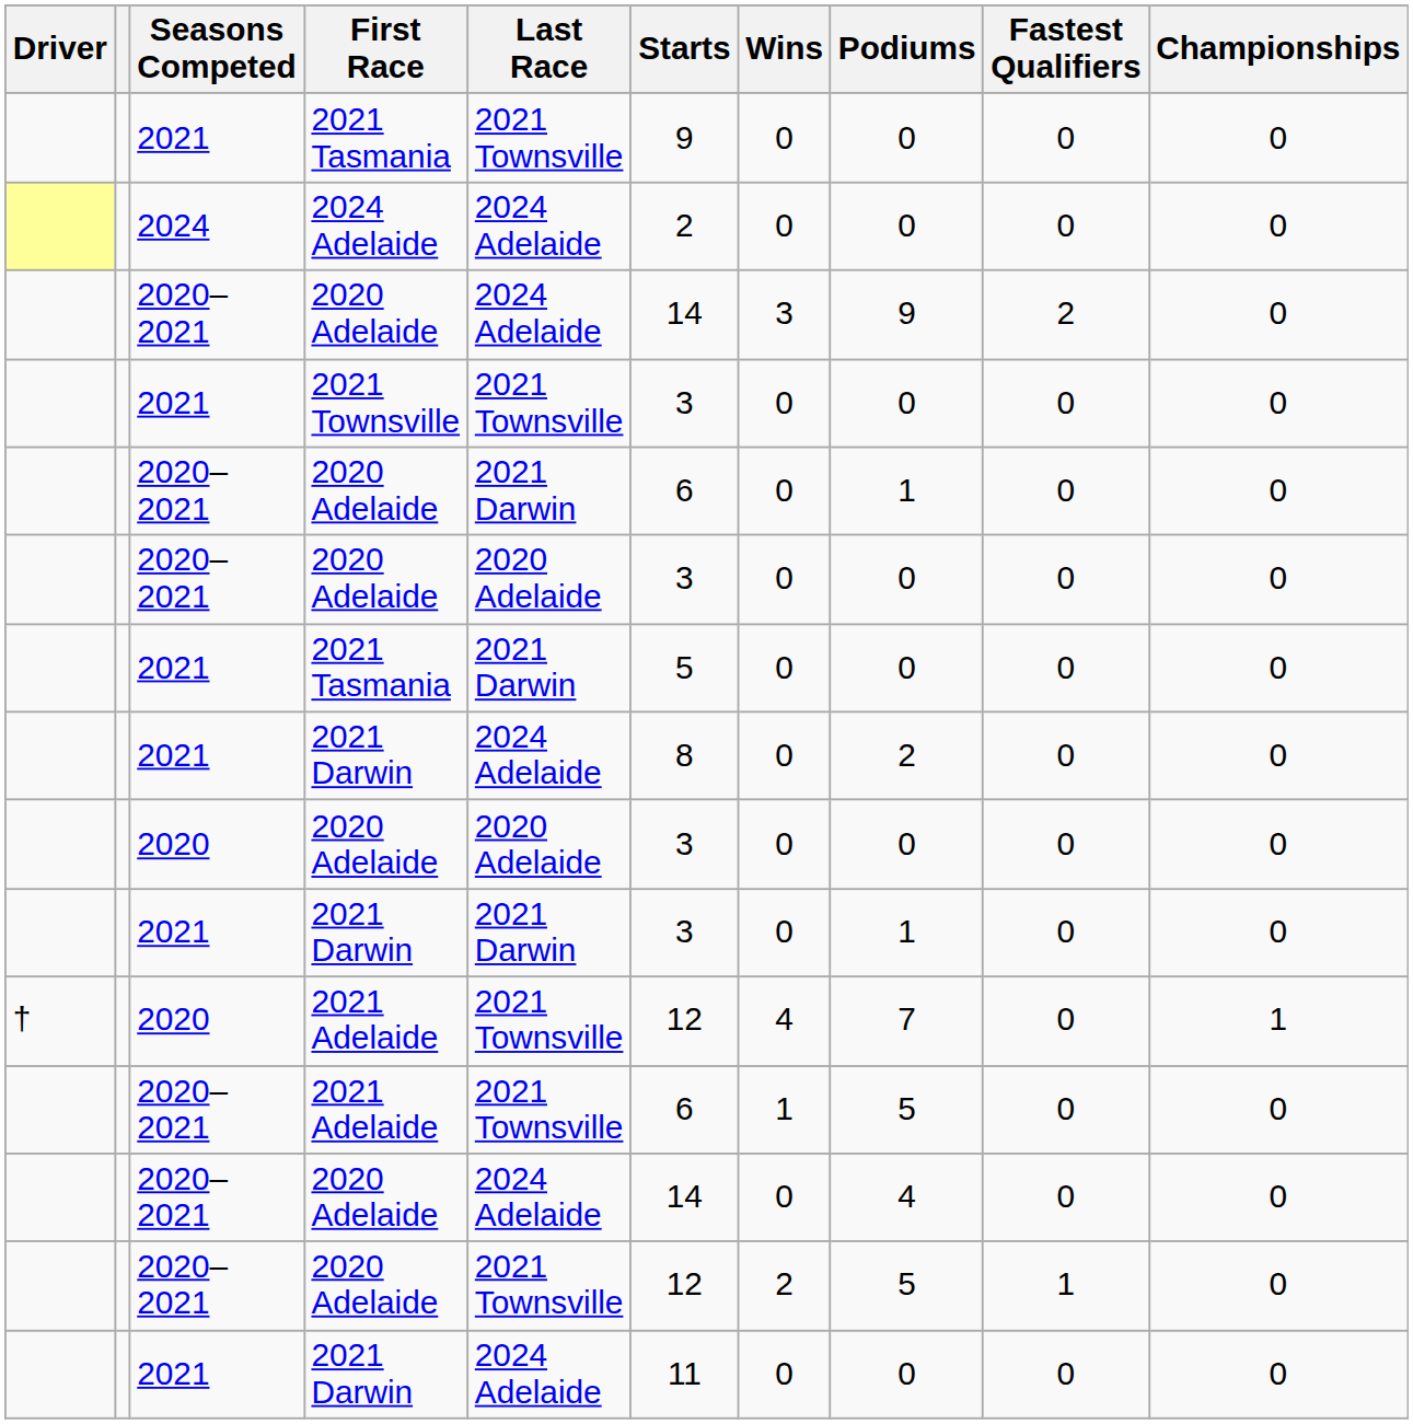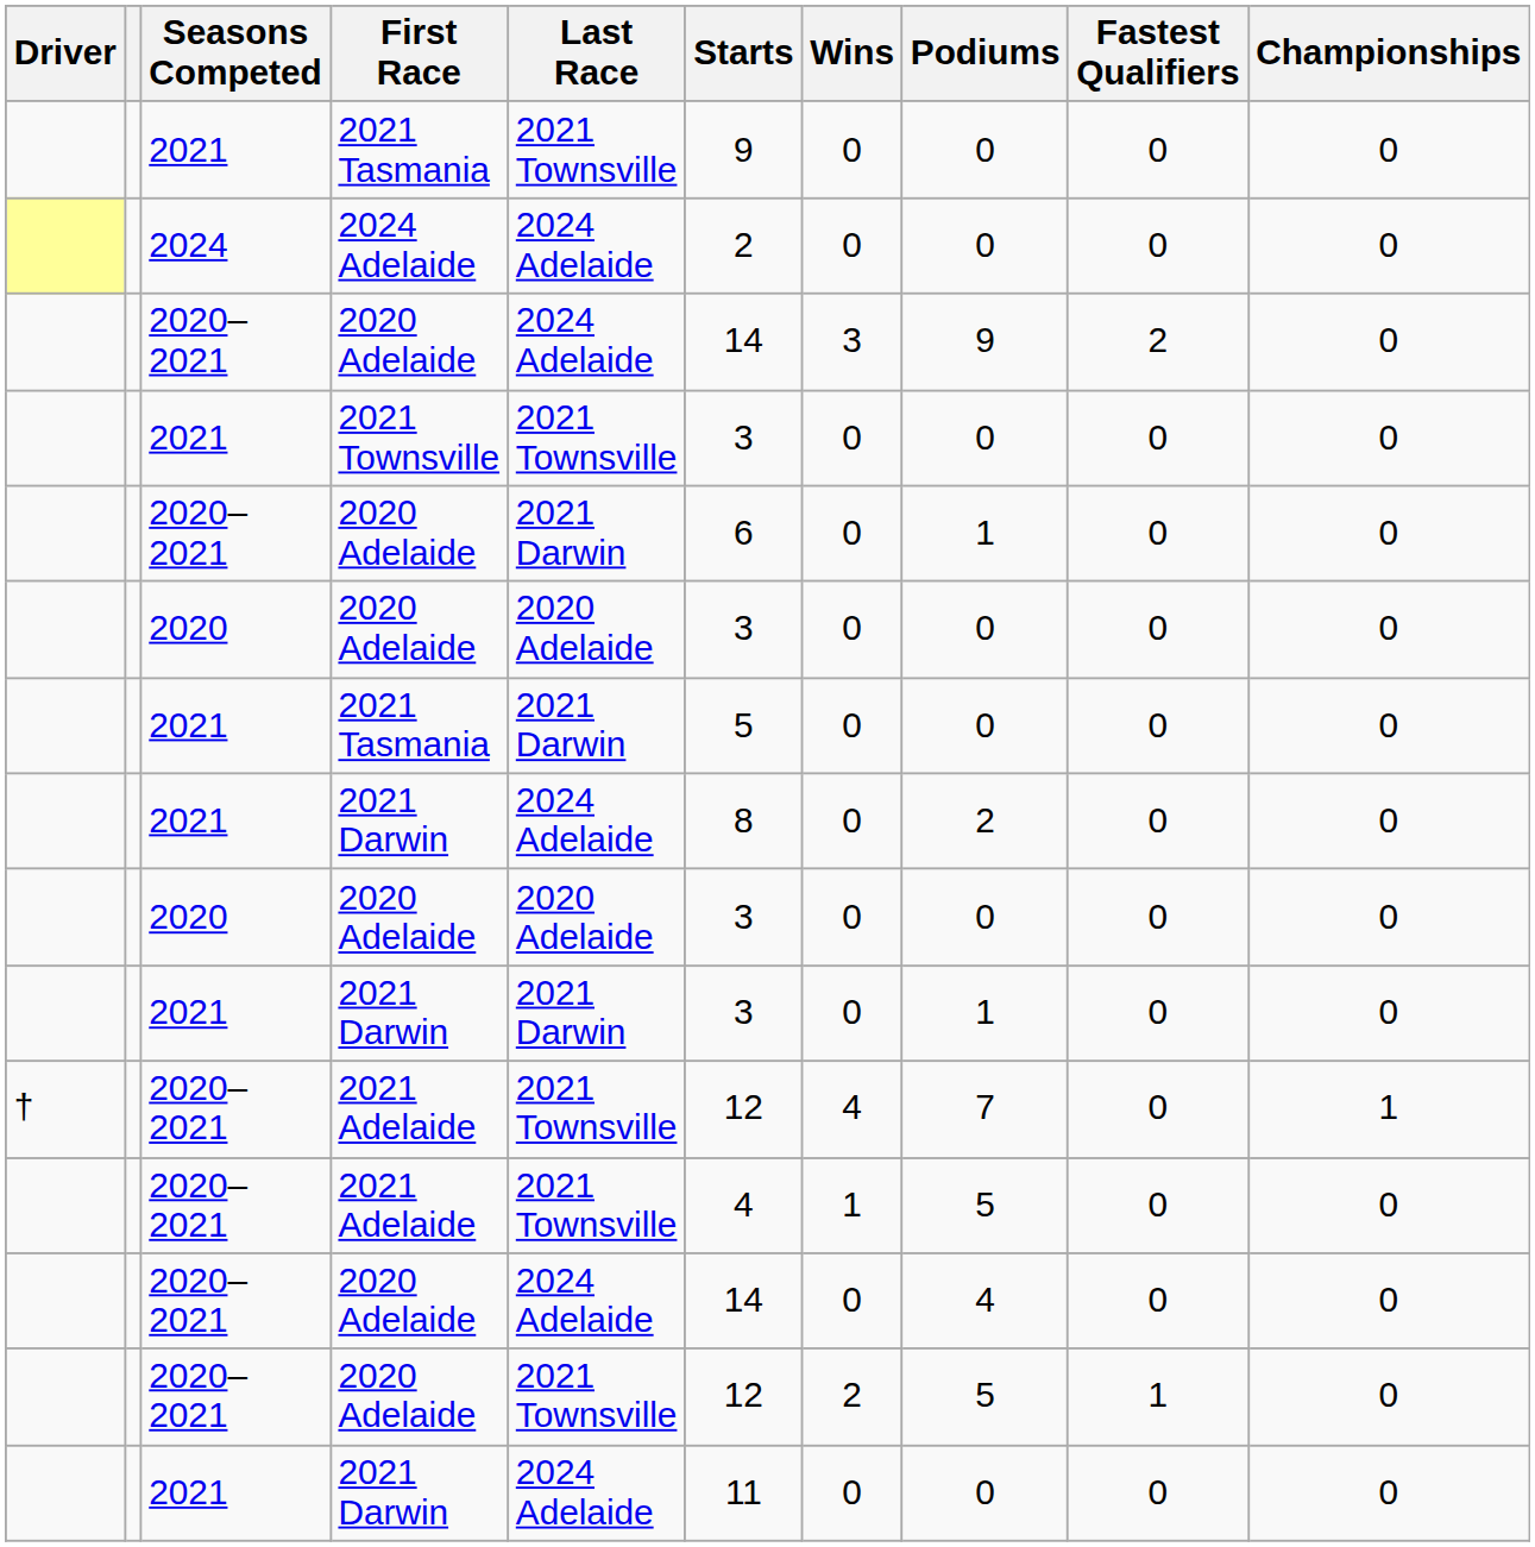 <table class="wikitable sortable" style="text-align:center;">
 <tr>
 <th scope=col>Driver</th>
 <th scope=col></th>
 <th scope=col>Seasons Competed</th>
 <th scope=col>First Race</th>
 <th scope=col>Last Race</th>
 <th scope=col>Starts</th>
 <th scope=col>Wins</th>
 <th scope=col>Podiums</th>
 <th scope=col>Fastest Qualifiers</th>
 <th scope=col>Championships</th>
 </tr>
 <tr>
 <td align=left></td>
 <td></td>
 <td align=left><a href='#'>2021</a></td>
 <td align=left><a href='#'>2021</a> <a href='#'>Tasmania</a></td>
 <td align=left><a href='#'>2021</a> <a href='#'>Townsville</a></td>
 <td>9</td>
 <td>0</td>
 <td>0</td>
 <td>0</td>
 <td>0</td>
 </tr>
 <tr>
 <td style="text-align:left; background:#ff9;"></td>
 <td></td>
 <td align=left><a href='#'>2024</a></td>
 <td align=left><a href='#'>2024</a> <a href='#'>Adelaide</a></td>
 <td align=left><a href='#'>2024</a> <a href='#'>Adelaide</a></td>
 <td>2</td>
 <td>0</td>
 <td>0</td>
 <td>0</td>
 <td>0</td>
 </tr>
 <tr>
 <td align=left></td>
 <td></td>
 <td align=left><a href='#'>2020</a>–<a href='#'>2021</a></td>
 <td align=left><a href='#'>2020</a> <a href='#'>Adelaide</a></td>
 <td align=left><a href='#'>2024</a> <a href='#'>Adelaide</a></td>
 <td>14</td>
 <td>3</td>
 <td>9</td>
 <td>2</td>
 <td>0</td>
 </tr>
 <tr>
 <td align=left></td>
 <td></td>
 <td align=left><a href='#'>2021</a></td>
 <td align=left><a href='#'>2021</a> <a href='#'>Townsville</a></td>
 <td align=left><a href='#'>2021</a> <a href='#'>Townsville</a></td>
 <td>3</td>
 <td>0</td>
 <td>0</td>
 <td>0</td>
 <td>0</td>
 </tr>
 <tr>
 <td align=left></td>
 <td></td>
 <td align=left><a href='#'>2020</a>–<a href='#'>2021</a></td>
 <td align=left><a href='#'>2020</a> <a href='#'>Adelaide</a></td>
 <td align=left><a href='#'>2021</a> <a href='#'>Darwin</a></td>
 <td>6</td>
 <td>0</td>
 <td>1</td>
 <td>0</td>
 <td>0</td>
 </tr>
 <tr>
 <td align=left></td>
 <td></td>
-<td align=left><a href='#'>2020</a>–<a href='#'>2021</a></td>
+<td align=left><a href='#'>2020</a></td>
 <td align=left><a href='#'>2020</a> <a href='#'>Adelaide</a></td>
 <td align=left><a href='#'>2020</a> <a href='#'>Adelaide</a></td>
 <td>3</td>
 <td>0</td>
 <td>0</td>
 <td>0</td>
 <td>0</td>
 </tr>
 <tr>
 <td align=left></td>
 <td></td>
 <td align=left><a href='#'>2021</a></td>
 <td align=left><a href='#'>2021</a> <a href='#'>Tasmania</a></td>
 <td align=left><a href='#'>2021</a> <a href='#'>Darwin</a></td>
 <td>5</td>
 <td>0</td>
 <td>0</td>
 <td>0</td>
 <td>0</td>
 </tr>
 <tr>
 <td align=left></td>
 <td></td>
 <td align=left><a href='#'>2021</a></td>
 <td align=left><a href='#'>2021</a> <a href='#'>Darwin</a></td>
 <td align=left><a href='#'>2024</a> <a href='#'>Adelaide</a></td>
 <td>8</td>
 <td>0</td>
 <td>2</td>
 <td>0</td>
 <td>0</td>
 </tr>
 <tr>
 <td align=left></td>
 <td></td>
 <td align=left><a href='#'>2020</a></td>
 <td align=left><a href='#'>2020</a> <a href='#'>Adelaide</a></td>
 <td align=left><a href='#'>2020</a> <a href='#'>Adelaide</a></td>
 <td>3</td>
 <td>0</td>
 <td>0</td>
 <td>0</td>
 <td>0</td>
 </tr>
 <tr>
 <td align=left></td>
 <td></td>
 <td align=left><a href='#'>2021</a></td>
 <td align=left><a href='#'>2021</a> <a href='#'>Darwin</a></td>
 <td align=left><a href='#'>2021</a> <a href='#'>Darwin</a></td>
 <td>3</td>
 <td>0</td>
 <td>1</td>
 <td>0</td>
 <td>0</td>
 </tr>
 <tr>
 <td align=left> †</td>
 <td></td>
-<td align=left><a href='#'>2020</a></td>
+<td align=left><a href='#'>2020</a>–<a href='#'>2021</a></td>
 <td align=left><a href='#'>2021</a> <a href='#'>Adelaide</a></td>
 <td align=left><a href='#'>2021</a> <a href='#'>Townsville</a></td>
 <td>12</td>
 <td>4</td>
 <td>7</td>
 <td>0</td>
 <td>1</td>
 </tr>
 <tr>
 <td align=left></td>
 <td></td>
 <td align=left><a href='#'>2020</a>–<a href='#'>2021</a></td>
 <td align=left><a href='#'>2021</a> <a href='#'>Adelaide</a></td>
 <td align=left><a href='#'>2021</a> <a href='#'>Townsville</a></td>
-<td>6</td>
+<td>4</td>
 <td>1</td>
 <td>5</td>
 <td>0</td>
 <td>0</td>
 </tr>
 <tr>
 <td align=left></td>
 <td></td>
 <td align=left><a href='#'>2020</a>–<a href='#'>2021</a></td>
 <td align=left><a href='#'>2020</a> <a href='#'>Adelaide</a></td>
 <td align=left><a href='#'>2024</a> <a href='#'>Adelaide</a></td>
 <td>14</td>
 <td>0</td>
 <td>4</td>
 <td>0</td>
 <td>0</td>
 </tr>
 <tr>
 <td align=left></td>
 <td></td>
 <td align=left><a href='#'>2020</a>–<a href='#'>2021</a></td>
 <td align=left><a href='#'>2020</a> <a href='#'>Adelaide</a></td>
 <td align=left><a href='#'>2021</a> <a href='#'>Townsville</a></td>
 <td>12</td>
 <td>2</td>
 <td>5</td>
 <td>1</td>
 <td>0</td>
 </tr>
 <tr>
 <td align=left></td>
 <td></td>
 <td align=left><a href='#'>2021</a></td>
 <td align=left><a href='#'>2021</a> <a href='#'>Darwin</a></td>
 <td align=left><a href='#'>2024</a> <a href='#'>Adelaide</a></td>
 <td>11</td>
 <td>0</td>
 <td>0</td>
 <td>0</td>
 <td>0</td>
 </tr>
 </table>
